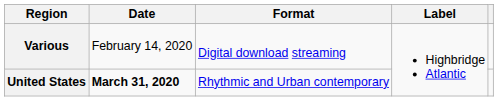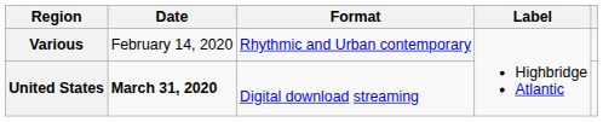 <table class="wikitable plainrowheaders">
 <tr>
 <th scope="col">Region</th>
 <th scope="col">Date</th>
 <th scope="col">Format</th>
 <th scope="col">Label</th>
 <th scope="col"></th>
 </tr>
 <tr>
 <th scope="row">Various</th>
 <td>February 14, 2020</td>
-<td><br><a href='#'>Digital download</a> <a href='#'>streaming</a></td>
+<td><a href='#'>Rhythmic and Urban contemporary</a></td>
 <td rowspan="2"><br><ul><li>Highbridge</li><li><a href='#'>Atlantic</a></li></ul></td>
 <td align="center"></td>
 </tr>
 <tr>
 <th scope="row">United States</th>
 <td><strong>March 31, 2020</strong></td>
-<td><a href='#'>Rhythmic and Urban contemporary</a></td>
+<td><br><a href='#'>Digital download</a> <a href='#'>streaming</a></td>
 <td align="center"></td>
 </tr>
 </table>
